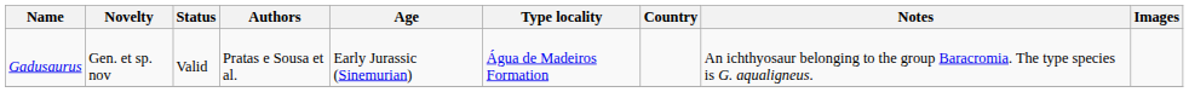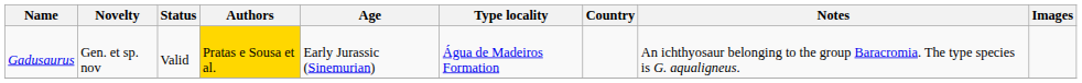 <table class="wikitable sortable" width="100%" align="center">
 <tr>
 <th>Name</th>
 <th>Novelty</th>
 <th>Status</th>
 <th>Authors</th>
 <th>Age</th>
 <th>Type locality</th>
 <th>Country</th>
 <th>Notes</th>
 <th>Images</th>
 </tr>
 <tr>
 <td><br><em><a href='#'>Gadusaurus</a></em></td>
 <td><br>Gen. et sp. nov</td>
 <td><br>Valid</td>
-<td><br>Pratas e Sousa et al.</td>
+<td style="background: gold;"><br>Pratas e Sousa et al.</td>
 <td><br>Early Jurassic (<a href='#'>Sinemurian</a>)</td>
 <td><br><a href='#'>Água de Madeiros Formation</a></td>
 <td><br></td>
 <td><br>An ichthyosaur belonging to the group <a href='#'>Baracromia</a>. The type species is <em>G. aqualigneus</em>.</td>
 <td></td>
 </tr>
 <tr>
 </tr>
 </table>
